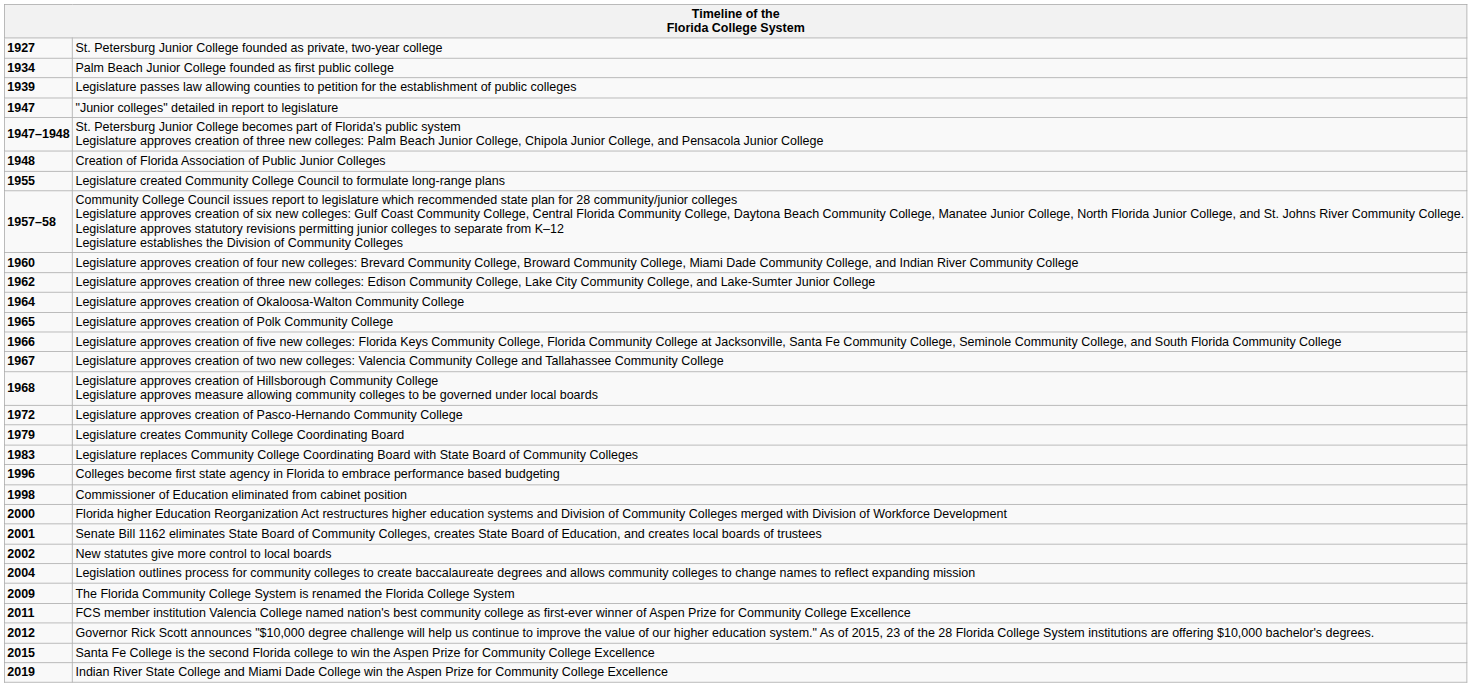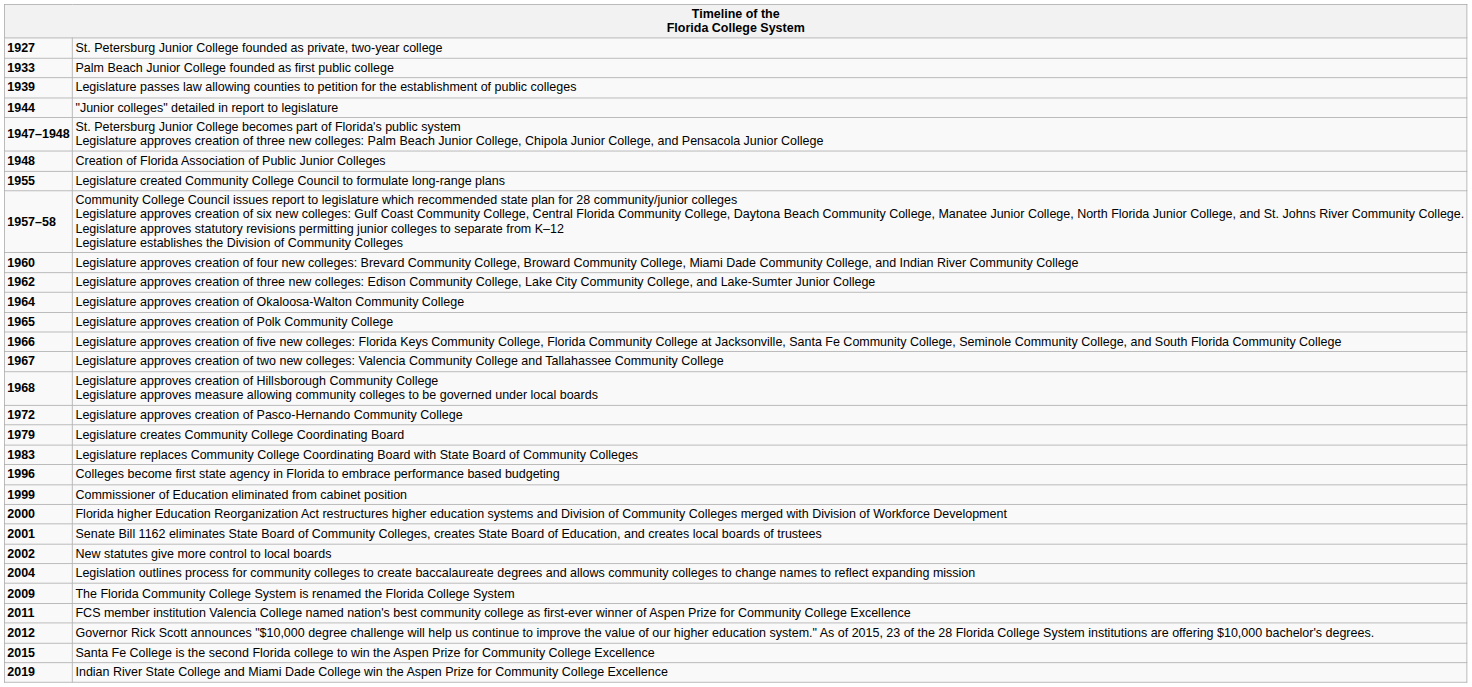 <table class="wikitable" margin:5px; border:3px solid;">
 <tr>
 <th colspan="3" bgcolor="white">Timeline of the <br>Florida College System</th>
 </tr>
 <tr>
 <td><strong>1927</strong></td>
 <td>St. Petersburg Junior College founded as private, two-year college</td>
 </tr>
 <tr>
-<td><strong>1934</strong></td>
+<td><strong>1933</strong></td>
 <td>Palm Beach Junior College founded as first public college</td>
 </tr>
 <tr>
 <td><strong>1939</strong></td>
 <td>Legislature passes law allowing counties to petition for the establishment of public colleges</td>
 </tr>
 <tr>
-<td><strong>1947</strong></td>
+<td><strong>1944</strong></td>
 <td>"Junior colleges" detailed in report to legislature</td>
 </tr>
 <tr>
 <td><strong>1947–1948</strong></td>
 <td>St. Petersburg Junior College becomes part of Florida's public system<br>Legislature approves creation of three new colleges: Palm Beach Junior College, Chipola Junior College, and Pensacola Junior College</td>
 </tr>
 <tr>
 <td><strong>1948</strong></td>
 <td>Creation of Florida Association of Public Junior Colleges</td>
 </tr>
 <tr>
 <td><strong>1955</strong></td>
 <td>Legislature created Community College Council to formulate long-range plans</td>
 </tr>
 <tr>
 <td><strong>1957–58</strong></td>
 <td>Community College Council issues report to legislature which recommended state plan for 28 community/junior colleges<br>Legislature approves creation of six new colleges: Gulf Coast Community College, Central Florida Community College, Daytona Beach Community College, Manatee Junior College, North Florida Junior College, and St. Johns River Community College.<br> Legislature approves statutory revisions permitting junior colleges to separate from K–12<br> Legislature establishes the Division of Community Colleges</td>
 </tr>
 <tr>
 <td><strong>1960</strong></td>
 <td>Legislature approves creation of four new colleges: Brevard Community College, Broward Community College, Miami Dade Community College, and Indian River Community College</td>
 </tr>
 <tr>
 <td><strong>1962</strong></td>
 <td>Legislature approves creation of three new colleges: Edison Community College, Lake City Community College, and Lake-Sumter Junior College</td>
 </tr>
 <tr>
 <td><strong>1964</strong></td>
 <td>Legislature approves creation of Okaloosa-Walton Community College</td>
 </tr>
 <tr>
 <td><strong>1965</strong></td>
 <td>Legislature approves creation of Polk Community College</td>
 </tr>
 <tr>
 <td><strong>1966</strong></td>
 <td>Legislature approves creation of five new colleges: Florida Keys Community College, Florida Community College at Jacksonville, Santa Fe Community College, Seminole Community College, and South Florida Community College</td>
 </tr>
 <tr>
 <td><strong>1967</strong></td>
 <td>Legislature approves creation of two new colleges: Valencia Community College and Tallahassee Community College</td>
 </tr>
 <tr>
 <td><strong>1968</strong></td>
 <td>Legislature approves creation of Hillsborough Community College<br>Legislature approves measure allowing community colleges to be governed under local boards</td>
 </tr>
 <tr>
 <td><strong>1972</strong></td>
 <td>Legislature approves creation of Pasco-Hernando Community College</td>
 </tr>
 <tr>
 <td><strong>1979</strong></td>
 <td>Legislature creates Community College Coordinating Board</td>
 </tr>
 <tr>
 <td><strong>1983</strong></td>
 <td>Legislature replaces Community College Coordinating Board with State Board of Community Colleges</td>
 </tr>
 <tr>
 <td><strong>1996</strong></td>
 <td>Colleges become first state agency in Florida to embrace performance based budgeting</td>
 </tr>
 <tr>
-<td><strong>1998</strong></td>
+<td><strong>1999</strong></td>
 <td>Commissioner of Education eliminated from cabinet position</td>
 </tr>
 <tr>
 <td><strong>2000</strong></td>
 <td>Florida higher Education Reorganization Act restructures higher education systems and Division of Community Colleges merged with Division of Workforce Development</td>
 </tr>
 <tr>
 <td><strong>2001</strong></td>
 <td>Senate Bill 1162 eliminates State Board of Community Colleges, creates State Board of Education, and creates local boards of trustees</td>
 </tr>
 <tr>
 <td><strong>2002</strong></td>
 <td>New statutes give more control to local boards</td>
 </tr>
 <tr>
 <td><strong>2004</strong></td>
 <td>Legislation outlines process for community colleges to create baccalaureate degrees and allows community colleges to change names to reflect expanding mission</td>
 </tr>
 <tr>
 <td><strong>2009</strong></td>
 <td>The Florida Community College System is renamed the Florida College System</td>
 </tr>
 <tr>
 <td><strong>2011</strong></td>
 <td>FCS member institution Valencia College named nation's best community college as first-ever winner of Aspen Prize for Community College Excellence</td>
 </tr>
 <tr>
 <td><strong>2012</strong></td>
 <td>Governor Rick Scott announces "$10,000 degree challenge will help us continue to improve the value of our higher education system." As of 2015, 23 of the 28 Florida College System institutions are offering $10,000 bachelor's degrees.</td>
 </tr>
 <tr>
 <td><strong>2015</strong></td>
 <td>Santa Fe College is the second Florida college to win the Aspen Prize for Community College Excellence</td>
 </tr>
 <tr>
 <td><strong>2019</strong></td>
 <td>Indian River State College and Miami Dade College win the Aspen Prize for Community College Excellence</td>
 </tr>
 </table>
